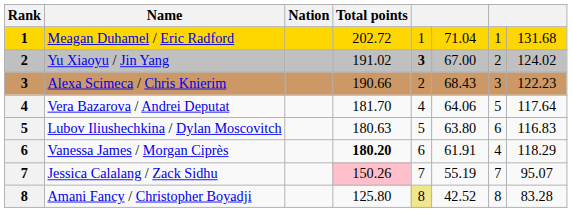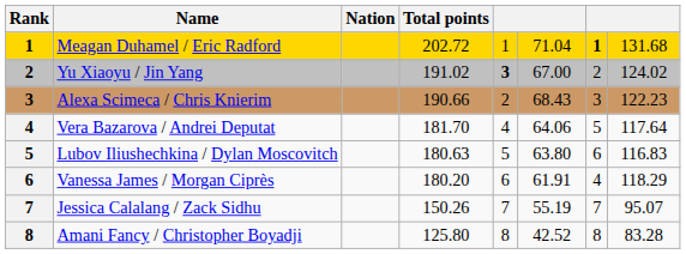 <table class="wikitable sortable">
 <tr>
 <th>Rank</th>
 <th>Name</th>
 <th>Nation</th>
 <th>Total points</th>
 <th colspan="2" width="80px"></th>
 <th colspan="2" width="80px"></th>
 </tr>
 <tr bgcolor="gold">
 <td align="center"><strong>1</strong></td>
 <td><a href='#'>Meagan Duhamel</a> / <a href='#'>Eric Radford</a></td>
 <td></td>
 <td align="center">202.72</td>
 <td align="center">1</td>
 <td align="center">71.04</td>
-<td align="center">1</td>
+<td align="center"><strong>1</strong></td>
 <td align="center">131.68</td>
 </tr>
 <tr bgcolor="silver">
 <td align="center"><strong>2</strong></td>
 <td><a href='#'>Yu Xiaoyu</a> / <a href='#'>Jin Yang</a></td>
 <td></td>
 <td align="center">191.02</td>
 <td align="center"><strong>3</strong></td>
 <td align="center">67.00</td>
 <td align="center">2</td>
 <td align="center">124.02</td>
 </tr>
 <tr bgcolor="cc9966">
 <td align="center"><strong>3</strong></td>
 <td><a href='#'>Alexa Scimeca</a> / <a href='#'>Chris Knierim</a></td>
 <td></td>
 <td align="center">190.66</td>
 <td align="center">2</td>
 <td align="center">68.43</td>
 <td align="center">3</td>
 <td align="center">122.23</td>
 </tr>
 <tr>
 <th>4</th>
 <td><a href='#'>Vera Bazarova</a> / <a href='#'>Andrei Deputat</a></td>
 <td></td>
 <td align="center">181.70</td>
 <td align="center">4</td>
 <td align="center">64.06</td>
 <td align="center">5</td>
 <td align="center">117.64</td>
 </tr>
 <tr>
 <th>5</th>
 <td><a href='#'>Lubov Iliushechkina</a> / <a href='#'>Dylan Moscovitch</a></td>
 <td></td>
 <td align="center">180.63</td>
 <td align="center">5</td>
 <td align="center">63.80</td>
 <td align="center">6</td>
 <td align="center">116.83</td>
 </tr>
 <tr>
 <th>6</th>
 <td><a href='#'>Vanessa James</a> / <a href='#'>Morgan Ciprès</a></td>
 <td></td>
-<td align="center"><strong>180.20</strong></td>
+<td align="center">180.20</td>
 <td align="center">6</td>
 <td align="center">61.91</td>
 <td align="center">4</td>
 <td align="center">118.29</td>
 </tr>
 <tr>
 <th>7</th>
 <td><a href='#'>Jessica Calalang</a> / <a href='#'>Zack Sidhu</a></td>
 <td></td>
-<td align="center" style="background: pink;">150.26</td>
+<td align="center">150.26</td>
 <td align="center">7</td>
 <td align="center">55.19</td>
 <td align="center">7</td>
 <td align="center">95.07</td>
 </tr>
 <tr>
 <th>8</th>
 <td><a href='#'>Amani Fancy</a> / <a href='#'>Christopher Boyadji</a></td>
 <td></td>
 <td align="center">125.80</td>
-<td align="center" style="background: khaki;">8</td>
+<td align="center">8</td>
 <td align="center">42.52</td>
 <td align="center">8</td>
 <td align="center">83.28</td>
 </tr>
 </table>
